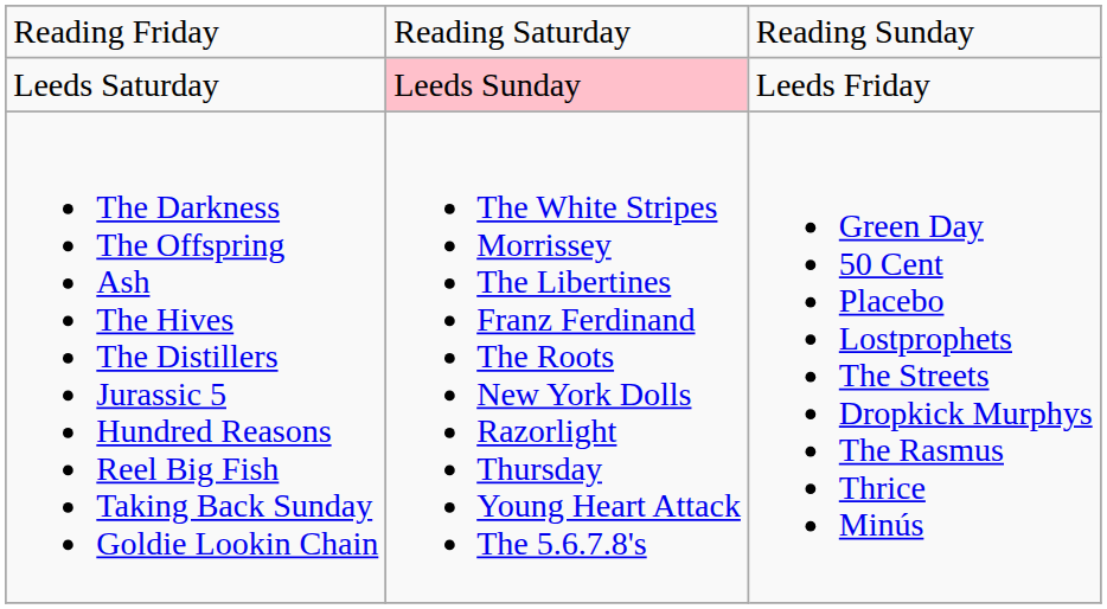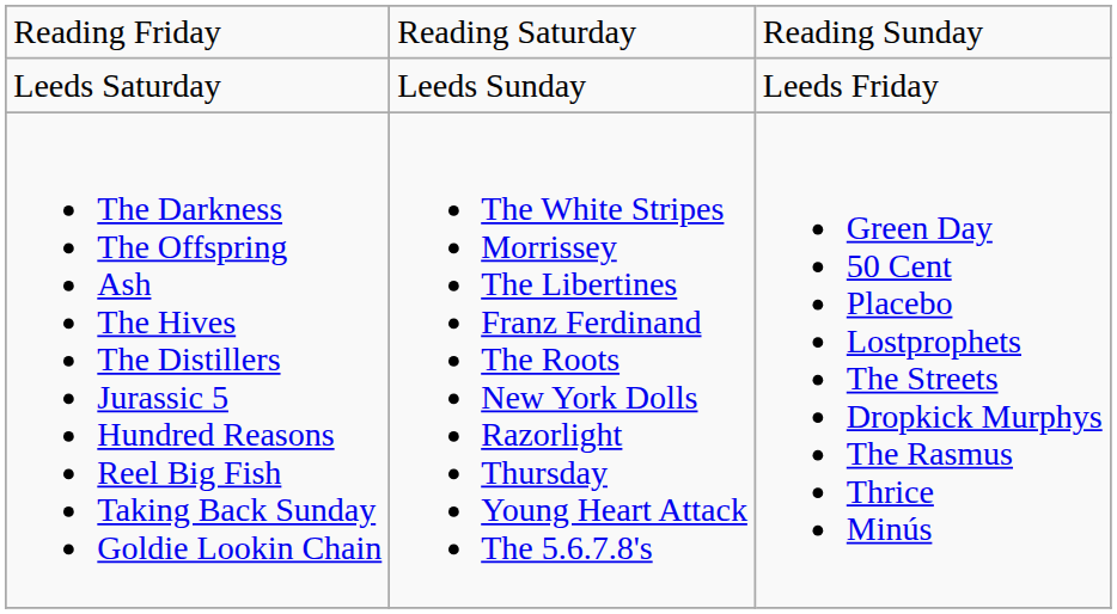 <table class="wikitable">
 <tr>
 <td>Reading Friday</td>
 <td>Reading Saturday</td>
 <td>Reading Sunday</td>
 </tr>
 <tr>
 <td>Leeds Saturday</td>
-<td style="background: pink;">Leeds Sunday</td>
+<td>Leeds Sunday</td>
 <td>Leeds Friday</td>
 </tr>
 <tr>
 <td><br><ul><li><a href='#'>The Darkness</a></li><li><a href='#'>The Offspring</a></li><li><a href='#'>Ash</a></li><li><a href='#'>The Hives</a></li><li><a href='#'>The Distillers</a></li><li><a href='#'>Jurassic 5</a></li><li><a href='#'>Hundred Reasons</a></li><li><a href='#'>Reel Big Fish</a></li><li><a href='#'>Taking Back Sunday</a></li><li><a href='#'>Goldie Lookin Chain</a></li></ul></td>
 <td><br><ul><li><a href='#'>The White Stripes</a></li><li><a href='#'>Morrissey</a></li><li><a href='#'>The Libertines</a></li><li><a href='#'>Franz Ferdinand</a></li><li><a href='#'>The Roots</a></li><li><a href='#'>New York Dolls</a></li><li><a href='#'>Razorlight</a></li><li><a href='#'>Thursday</a></li><li><a href='#'>Young Heart Attack</a></li><li><a href='#'>The 5.6.7.8's</a></li></ul></td>
 <td><br><ul><li><a href='#'>Green Day</a></li><li><a href='#'>50 Cent</a></li><li><a href='#'>Placebo</a></li><li><a href='#'>Lostprophets</a></li><li><a href='#'>The Streets</a></li><li><a href='#'>Dropkick Murphys</a></li><li><a href='#'>The Rasmus</a></li><li><a href='#'>Thrice</a></li><li><a href='#'>Minús</a></li></ul></td>
 </tr>
 </table>
